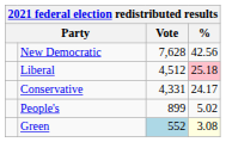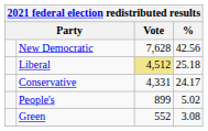 <table class="wikitable">
 <tr>
 <th colspan="4"><a href='#'>2021 federal election</a> redistributed results</th>
 </tr>
 <tr>
 <th bgcolor="#DDDDFF" width="130px" colspan="2">Party</th>
 <th bgcolor="#DDDDFF" width="50px">Vote</th>
 <th bgcolor="#DDDDFF" width="30px">%</th>
 </tr>
 <tr>
 <td> </td>
 <td><a href='#'>New Democratic</a></td>
 <td align=right>7,628</td>
 <td align=right>42.56</td>
 </tr>
 <tr>
 <td> </td>
 <td><a href='#'>Liberal</a></td>
-<td align=right>4,512</td>
-<td align=right style="background: pink;">25.18</td>
+<td align=right style="background: khaki;">4,512</td>
+<td align=right>25.18</td>
 </tr>
 <tr>
 <td> </td>
 <td><a href='#'>Conservative</a></td>
 <td align=right>4,331</td>
 <td align=right>24.17</td>
 </tr>
 <tr>
 <td> </td>
 <td><a href='#'>People's</a></td>
 <td align=right>899</td>
 <td align=right>5.02</td>
 </tr>
 <tr>
 <td> </td>
 <td><a href='#'>Green</a></td>
-<td align=right style="background: lightblue;">552</td>
-<td align=right style="background: lightyellow;">3.08</td>
+<td align=right>552</td>
+<td align=right>3.08</td>
 </tr>
 </table>
